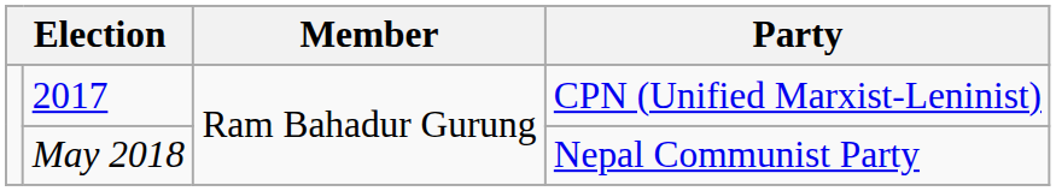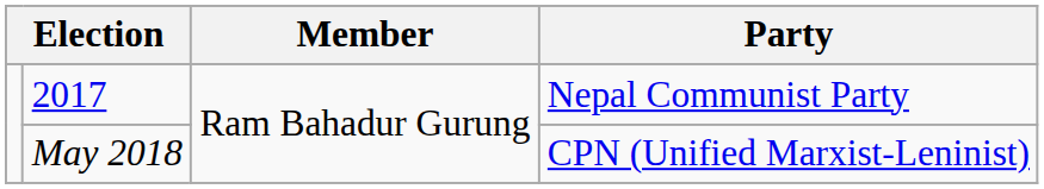 <table class="wikitable">
 <tr>
 <th colspan="2">Election</th>
 <th>Member</th>
 <th>Party</th>
 </tr>
 <tr>
 <td rowspan="2" style="background-color:"></td>
 <td><a href='#'>2017</a></td>
 <td rowspan="2">Ram Bahadur Gurung</td>
-<td><a href='#'>CPN (Unified Marxist-Leninist)</a></td>
+<td><a href='#'>Nepal Communist Party</a></td>
 </tr>
 <tr>
 <td><em>May 2018</em></td>
-<td><a href='#'>Nepal Communist Party</a></td>
+<td><a href='#'>CPN (Unified Marxist-Leninist)</a></td>
 </tr>
 </table>
